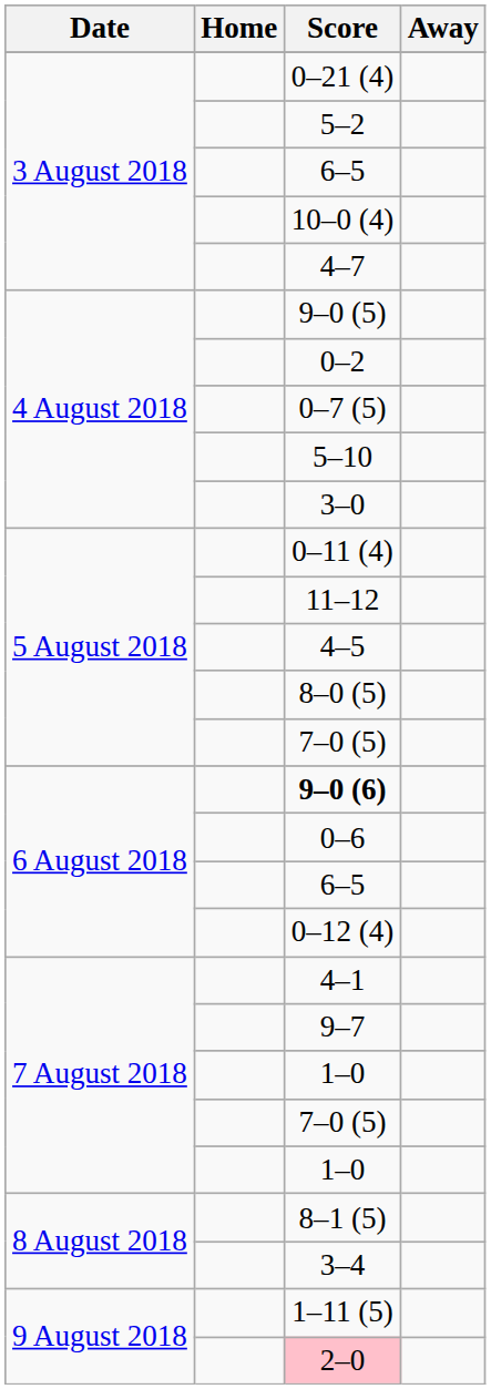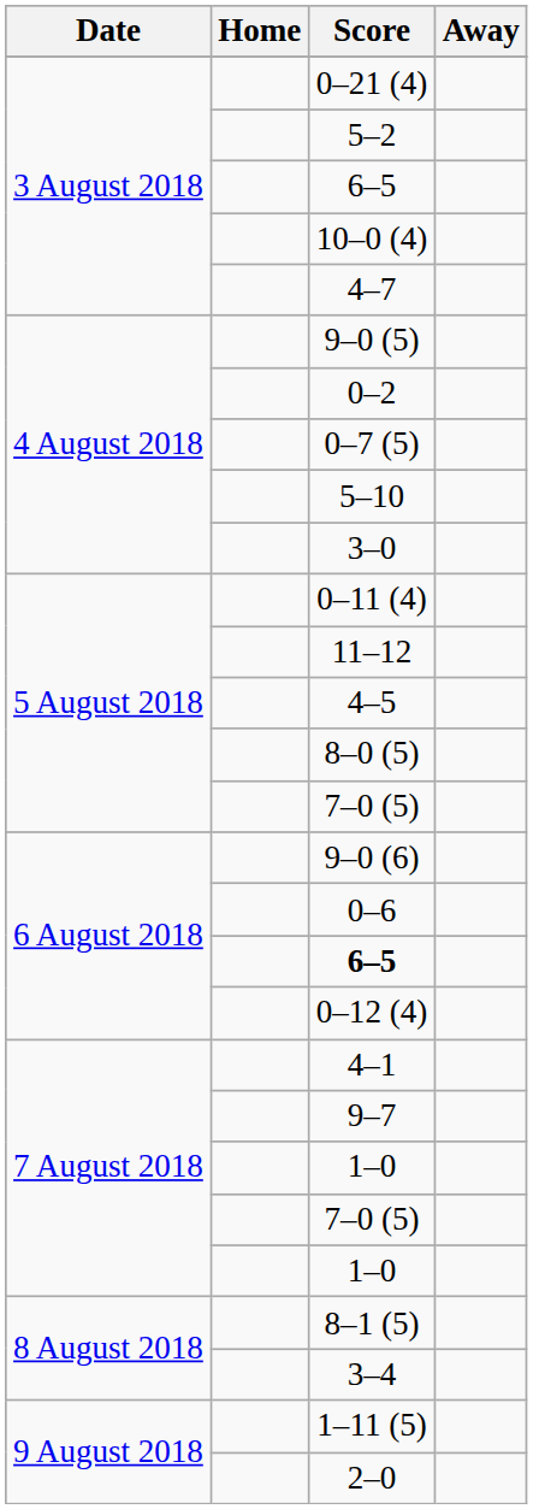 <table class="wikitable">
 <tr>
 <th>Date</th>
 <th>Home</th>
 <th>Score</th>
 <th>Away</th>
 </tr>
 <tr>
 </tr>
 <tr>
 <td rowspan=5><a href='#'>3 August 2018</a></td>
 <td></td>
 <td align=center>0–21 (4)</td>
 <td><strong></strong></td>
 </tr>
 <tr>
 <td><strong></strong></td>
 <td align=center>5–2</td>
 <td></td>
 </tr>
 <tr>
 <td><strong></strong></td>
 <td align=center>6–5</td>
 <td></td>
 </tr>
 <tr>
 <td><strong></strong></td>
 <td align=center>10–0 (4)</td>
 <td></td>
 </tr>
 <tr>
 <td></td>
 <td align=center>4–7</td>
 <td><strong></strong></td>
 </tr>
 <tr>
 <td rowspan=5><a href='#'>4 August 2018</a></td>
 <td><strong></strong></td>
 <td align=center>9–0 (5)</td>
 <td></td>
 </tr>
 <tr>
 <td></td>
 <td align=center>0–2</td>
 <td><strong></strong></td>
 </tr>
 <tr>
 <td></td>
 <td align=center>0–7 (5)</td>
 <td><strong></strong></td>
 </tr>
 <tr>
 <td></td>
 <td align=center>5–10</td>
 <td><strong></strong></td>
 </tr>
 <tr>
 <td><strong></strong></td>
 <td align=center>3–0</td>
 <td></td>
 </tr>
 <tr>
 <td rowspan=5><a href='#'>5 August 2018</a></td>
 <td></td>
 <td align=center>0–11 (4)</td>
 <td><strong></strong></td>
 </tr>
 <tr>
 <td></td>
 <td align=center>11–12</td>
 <td><strong></strong></td>
 </tr>
 <tr>
 <td></td>
 <td align=center>4–5</td>
 <td><strong></strong></td>
 </tr>
 <tr>
 <td><strong></strong></td>
 <td align=center>8–0 (5)</td>
 <td></td>
 </tr>
 <tr>
 <td><strong></strong></td>
 <td align=center>7–0 (5)</td>
 <td></td>
 </tr>
 <tr>
 <td rowspan=4><a href='#'>6 August 2018</a></td>
 <td><strong></strong></td>
-<td align=center><strong>9–0 (6)</strong></td>
+<td align=center>9–0 (6)</td>
 <td></td>
 </tr>
 <tr>
 <td></td>
 <td align=center>0–6</td>
 <td><strong></strong></td>
 </tr>
 <tr>
 <td><strong></strong></td>
-<td align=center>6–5</td>
+<td align=center><strong>6–5</strong></td>
 <td></td>
 </tr>
 <tr>
 <td></td>
 <td align=center>0–12 (4)</td>
 <td><strong></strong></td>
 </tr>
 <tr>
 <td rowspan=5><a href='#'>7 August 2018</a></td>
 <td><strong></strong></td>
 <td align=center>4–1</td>
 <td></td>
 </tr>
 <tr>
 <td><strong></strong></td>
 <td align=center>9–7</td>
 <td></td>
 </tr>
 <tr>
 <td><strong></strong></td>
 <td align=center>1–0</td>
 <td></td>
 </tr>
 <tr>
 <td><strong></strong></td>
 <td align=center>7–0 (5)</td>
 <td></td>
 </tr>
 <tr>
 <td><strong></strong></td>
 <td align=center>1–0</td>
 <td></td>
 </tr>
 <tr>
 <td rowspan=2><a href='#'>8 August 2018</a></td>
 <td><strong></strong></td>
 <td align=center>8–1 (5)</td>
 <td></td>
 </tr>
 <tr>
 <td></td>
 <td align=center>3–4</td>
 <td><strong></strong></td>
 </tr>
 <tr>
 <td rowspan=2><a href='#'>9 August 2018</a></td>
 <td></td>
 <td align=center>1–11 (5)</td>
 <td><strong></strong></td>
 </tr>
 <tr>
 <td><strong></strong></td>
-<td align=center style="background: pink;">2–0</td>
+<td align=center>2–0</td>
 <td></td>
 </tr>
 </table>
